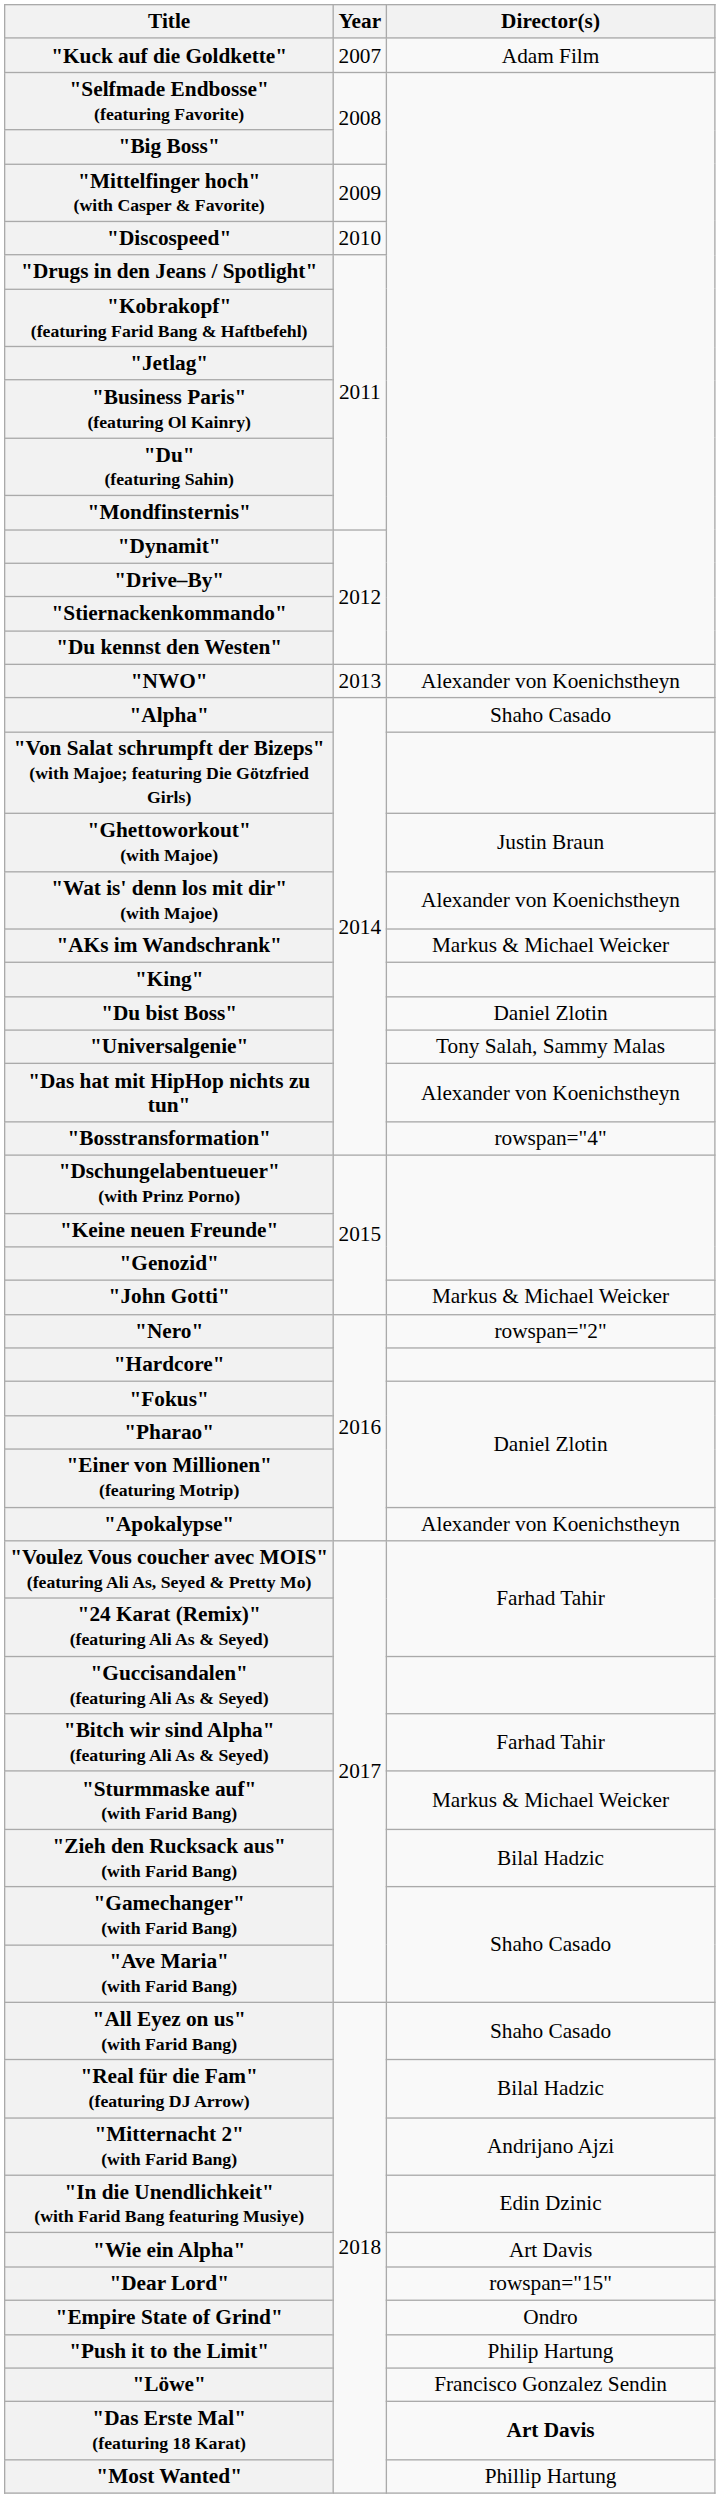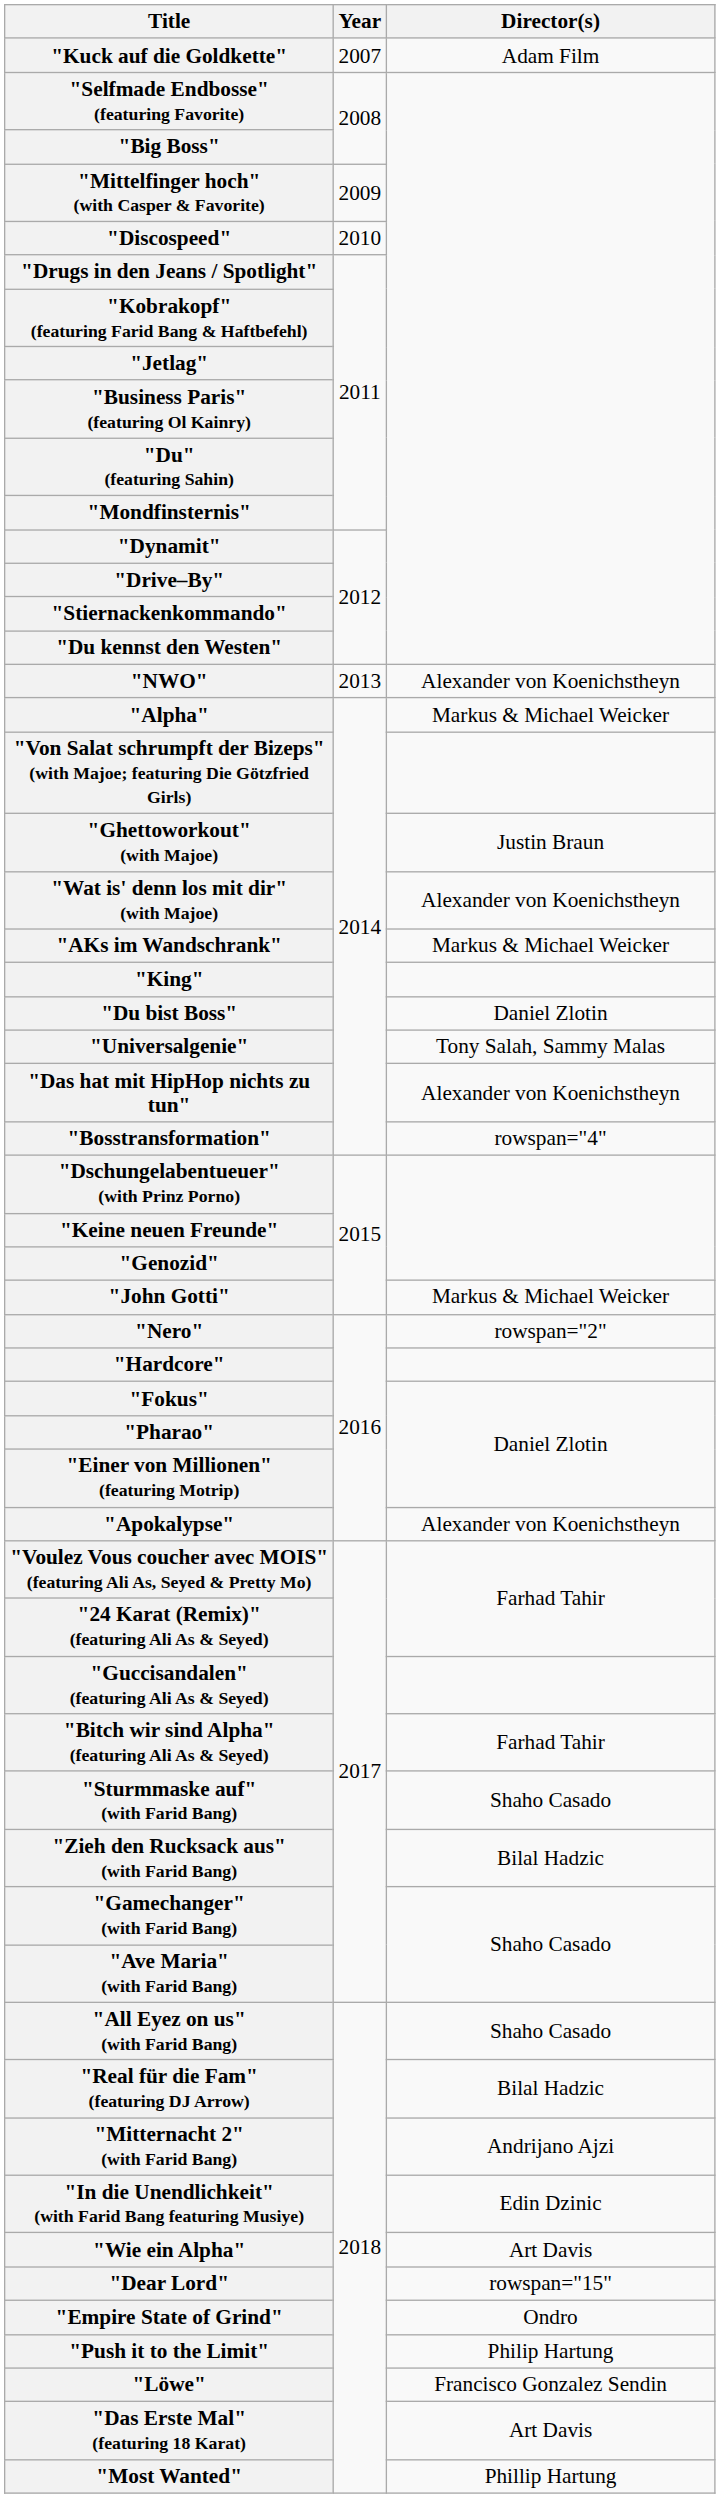 <table class="wikitable plainrowheaders" style="text-align:center;">
 <tr>
 <th scope="col" style="width:15em;">Title</th>
 <th scope="col" style="width:1em;">Year</th>
 <th scope="col" style="width:15em;">Director(s)</th>
 </tr>
 <tr>
 <th scope="row">"Kuck auf die Goldkette"</th>
 <td>2007</td>
 <td>Adam Film</td>
 </tr>
 <tr>
 <th scope="row">"Selfmade Endbosse"<br><small>(featuring Favorite)</small></th>
 <td rowspan="2">2008</td>
 </tr>
 <tr>
 <th scope="row">"Big Boss"</th>
 </tr>
 <tr>
 <th scope="row">"Mittelfinger hoch"<br><small>(with Casper & Favorite)</small></th>
 <td>2009</td>
 </tr>
 <tr>
 <th scope="row">"Discospeed"</th>
 <td>2010</td>
 </tr>
 <tr>
 <th scope="row">"Drugs in den Jeans / Spotlight"</th>
 <td rowspan="6">2011</td>
 </tr>
 <tr>
 <th scope="row">"Kobrakopf"<br><small>(featuring Farid Bang & Haftbefehl)</small></th>
 </tr>
 <tr>
 <th scope="row">"Jetlag"</th>
 </tr>
 <tr>
 <th scope="row">"Business Paris"<br><small>(featuring Ol Kainry)</small></th>
 </tr>
 <tr>
 <th scope="row">"Du"<br><small>(featuring Sahin)</small></th>
 </tr>
 <tr>
 <th scope="row">"Mondfinsternis"</th>
 </tr>
 <tr>
 <th scope="row">"Dynamit"</th>
 <td rowspan="4">2012</td>
 </tr>
 <tr>
 <th scope="row">"Drive–By"</th>
 </tr>
 <tr>
 <th scope="row">"Stiernackenkommando"</th>
 </tr>
 <tr>
 <th scope="row">"Du kennst den Westen"</th>
 </tr>
 <tr>
 <th scope="row">"NWO"</th>
 <td>2013</td>
 <td>Alexander von Koenichstheyn</td>
 </tr>
 <tr>
 <th scope="row">"Alpha"</th>
 <td rowspan="10">2014</td>
-<td>Shaho Casado</td>
+<td>Markus & Michael Weicker</td>
 </tr>
 <tr>
 <th scope="row">"Von Salat schrumpft der Bizeps"<br><small>(with Majoe; featuring Die Götzfried Girls)</small></th>
 <td></td>
 </tr>
 <tr>
 <th scope="row">"Ghettoworkout"<br><small>(with Majoe)</small></th>
 <td>Justin Braun</td>
 </tr>
 <tr>
 <th scope="row">"Wat is' denn los mit dir"<br><small>(with Majoe)</small></th>
 <td>Alexander von Koenichstheyn</td>
 </tr>
 <tr>
 <th scope="row">"AKs im Wandschrank"</th>
 <td>Markus & Michael Weicker</td>
 </tr>
 <tr>
 <th scope="row">"King"</th>
 <td></td>
 </tr>
 <tr>
 <th scope="row">"Du bist Boss"</th>
 <td>Daniel Zlotin</td>
 </tr>
 <tr>
 <th scope="row">"Universalgenie"</th>
 <td>Tony Salah, Sammy Malas</td>
 </tr>
 <tr>
 <th scope="row">"Das hat mit HipHop nichts zu tun"</th>
 <td>Alexander von Koenichstheyn</td>
 </tr>
 <tr>
 <th scope="row">"Bosstransformation"</th>
 <td>rowspan="4" </td>
 </tr>
 <tr>
 <th scope="row">"Dschungelabentueuer"<br><small>(with Prinz Porno)</small></th>
 <td rowspan="4">2015</td>
 </tr>
 <tr>
 <th scope="row">"Keine neuen Freunde"</th>
 </tr>
 <tr>
 <th scope="row">"Genozid"</th>
 </tr>
 <tr>
 <th scope="row">"John Gotti"</th>
 <td>Markus & Michael Weicker</td>
 </tr>
 <tr>
 <th scope="row">"Nero"</th>
 <td rowspan="6">2016</td>
 <td>rowspan="2" </td>
 </tr>
 <tr>
 <th scope="row">"Hardcore"</th>
 </tr>
 <tr>
 <th scope="row">"Fokus"</th>
 <td rowspan="3">Daniel Zlotin</td>
 </tr>
 <tr>
 <th scope="row">"Pharao"</th>
 </tr>
 <tr>
 <th scope="row">"Einer von Millionen"<br><small>(featuring Motrip)</small></th>
 </tr>
 <tr>
 <th scope="row">"Apokalypse"</th>
 <td>Alexander von Koenichstheyn</td>
 </tr>
 <tr>
 <th scope="row">"Voulez Vous coucher avec MOIS"<br><small>(featuring Ali As, Seyed & Pretty Mo)</small></th>
 <td rowspan="8">2017</td>
 <td rowspan="2">Farhad Tahir</td>
 </tr>
 <tr>
 <th scope="row">"24 Karat (Remix)"<br><small>(featuring Ali As & Seyed)</small></th>
 </tr>
 <tr>
 <th scope="row">"Guccisandalen"<br><small>(featuring Ali As & Seyed)</small></th>
 <td></td>
 </tr>
 <tr>
 <th scope="row">"Bitch wir sind Alpha"<br><small>(featuring Ali As & Seyed)</small></th>
 <td>Farhad Tahir</td>
 </tr>
 <tr>
 <th scope="row">"Sturmmaske auf"<br><small>(with Farid Bang)</small></th>
-<td>Markus & Michael Weicker</td>
+<td>Shaho Casado</td>
 </tr>
 <tr>
 <th scope="row">"Zieh den Rucksack aus"<br><small>(with Farid Bang)</small></th>
 <td>Bilal Hadzic</td>
 </tr>
 <tr>
 <th scope="row">"Gamechanger"<br><small>(with Farid Bang)</small></th>
 <td rowspan="2">Shaho Casado</td>
 </tr>
 <tr>
 <th scope="row">"Ave Maria"<br><small>(with Farid Bang)</small></th>
 </tr>
 <tr>
 <th scope="row">"All Eyez on us"<br><small>(with Farid Bang)</small></th>
 <td rowspan="11">2018</td>
 <td>Shaho Casado</td>
 </tr>
 <tr>
 <th scope="row">"Real für die Fam"<br><small>(featuring DJ Arrow)</small></th>
 <td>Bilal Hadzic</td>
 </tr>
 <tr>
 <th scope="row">"Mitternacht 2"<br><small>(with Farid Bang)</small></th>
 <td>Andrijano Ajzi</td>
 </tr>
 <tr>
 <th scope="row">"In die Unendlichkeit"<br><small>(with Farid Bang featuring Musiye)</small></th>
 <td>Edin Dzinic</td>
 </tr>
 <tr>
 <th scope="row">"Wie ein Alpha"</th>
 <td>Art Davis</td>
 </tr>
 <tr>
 <th scope="row">"Dear Lord"</th>
 <td>rowspan="15" </td>
 </tr>
 <tr>
 <th scope="row">"Empire State of Grind"</th>
 <td>Ondro</td>
 </tr>
 <tr>
 <th scope="row">"Push it to the Limit"</th>
 <td>Philip Hartung</td>
 </tr>
 <tr>
 <th scope="row">"Löwe"</th>
 <td>Francisco Gonzalez Sendin</td>
 </tr>
 <tr>
 <th scope="row">"Das Erste Mal"<br><small>(featuring 18 Karat)</small></th>
-<td><strong>Art Davis</strong></td>
+<td>Art Davis</td>
 </tr>
 <tr>
 <th scope="row">"Most Wanted"</th>
 <td>Phillip Hartung</td>
 </tr>
 </table>
